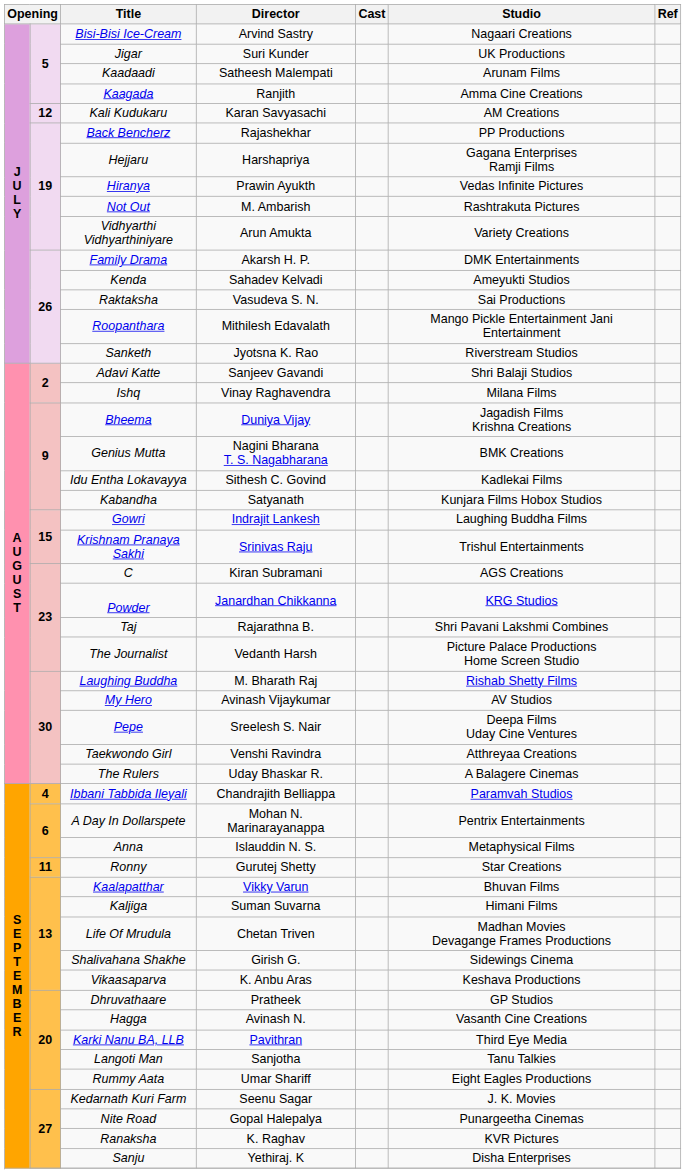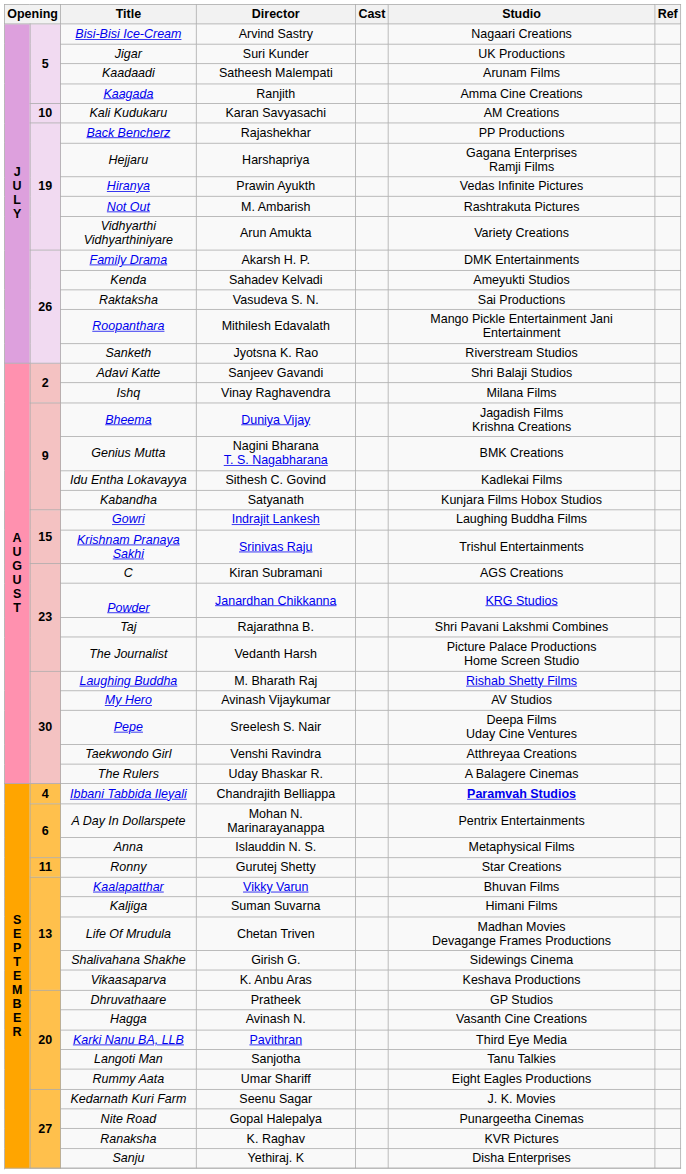 <table class="wikitable sortable">
 <tr>
 <th colspan="2">Opening</th>
 <th style="width:20%;">Title</th>
 <th>Director</th>
 <th>Cast</th>
 <th>Studio</th>
 <th>Ref</th>
 </tr>
 <tr>
 <td rowspan="15" style="text-align:center; background:plum; textcolor:#000;"><strong>J<br>U<br>L<br>Y</strong></td>
 <td rowspan="4" style="text-align:center;background:#f1daf1;"><strong>5</strong></td>
 <td style="text-align:center;"><em><a href='#'>Bisi-Bisi Ice-Cream</a></em></td>
 <td style="text-align:center;">Arvind Sastry</td>
 <td></td>
 <td style="text-align:center;">Nagaari Creations</td>
 <td style="text-align:center;"><br></td>
 </tr>
 <tr>
 <td style="text-align:center;"><em>Jigar</em></td>
 <td style="text-align:center;">Suri Kunder</td>
 <td></td>
 <td style="text-align:center;">UK Productions</td>
 <td style="text-align:center;"><br></td>
 </tr>
 <tr>
 <td style="text-align:center;"><em>Kaadaadi</em></td>
 <td style="text-align:center;">Satheesh Malempati</td>
 <td></td>
 <td style="text-align:center;">Arunam Films</td>
 <td style="text-align:center;"><br></td>
 </tr>
 <tr>
 <td style="text-align:center;"><em><a href='#'>Kaagada</a></em></td>
 <td style="text-align:center;">Ranjith</td>
 <td></td>
 <td style="text-align:center;">Amma Cine Creations</td>
 <td style="text-align:center;"><br></td>
 </tr>
 <tr>
-<td rowspan="1" style="text-align:center;background:#f1daf1;"><strong>12</strong></td>
+<td rowspan="1" style="text-align:center;background:#f1daf1;"><strong>10</strong></td>
 <td style="text-align:center;"><em>Kali Kudukaru</em></td>
 <td style="text-align:center;">Karan Savyasachi</td>
 <td></td>
 <td style="text-align:center;">AM Creations</td>
 <td style="text-align:center;"><br></td>
 </tr>
 <tr>
 <td rowspan="5" style="text-align:center;background:#f1daf1;"><strong>19</strong></td>
 <td style="text-align:center;"><em><a href='#'>Back Bencherz</a></em></td>
 <td style="text-align:center;">Rajashekhar</td>
 <td></td>
 <td style="text-align:center;">PP Productions</td>
 <td style="text-align:center;"></td>
 </tr>
 <tr>
 <td style="text-align:center;"><em>Hejjaru</em></td>
 <td style="text-align:center;">Harshapriya</td>
 <td></td>
 <td style="text-align:center;">Gagana Enterprises <br> Ramji Films</td>
 <td style="text-align:center;"><br></td>
 </tr>
 <tr>
 <td style="text-align:center;"><em><a href='#'>Hiranya</a></em></td>
 <td style="text-align:center;">Prawin Ayukth</td>
 <td></td>
 <td style="text-align:center;">Vedas Infinite Pictures</td>
 <td style="text-align:center;"></td>
 </tr>
 <tr>
 <td style="text-align:center;"><em><a href='#'>Not Out</a></em></td>
 <td style="text-align:center;">M. Ambarish</td>
 <td></td>
 <td style="text-align:center;">Rashtrakuta Pictures</td>
 <td style="text-align:center;"></td>
 </tr>
 <tr>
 <td style="text-align:center;"><em>Vidhyarthi Vidhyarthiniyare</em></td>
 <td style="text-align:center;">Arun Amukta</td>
 <td></td>
 <td style="text-align:center;">Variety Creations</td>
 <td style="text-align:center;"></td>
 </tr>
 <tr>
 <td rowspan="5" style="text-align:center;background:#f1daf1;"><strong>26</strong></td>
 <td style="text-align:center;"><em><a href='#'>Family Drama</a></em></td>
 <td style="text-align:center;">Akarsh H. P.</td>
 <td></td>
 <td style="text-align:center;">DMK Entertainments</td>
 <td style="text-align:center;"></td>
 </tr>
 <tr>
 <td style="text-align:center;"><em>Kenda</em></td>
 <td style="text-align:center;">Sahadev Kelvadi</td>
 <td></td>
 <td style="text-align:center;">Ameyukti Studios</td>
 <td style="text-align:center;"></td>
 </tr>
 <tr>
 <td style="text-align:center;"><em>Raktaksha</em></td>
 <td style="text-align:center;">Vasudeva S. N.</td>
 <td></td>
 <td style="text-align:center;">Sai Productions</td>
 <td style="text-align:center;"></td>
 </tr>
 <tr>
 <td style="text-align:center;"><em><a href='#'>Roopanthara</a></em></td>
 <td style="text-align:center;">Mithilesh Edavalath</td>
 <td></td>
 <td style="text-align:center;">Mango Pickle Entertainment Jani Entertainment</td>
 <td style="text-align:center;"></td>
 </tr>
 <tr>
 <td style="text-align:center;"><em>Sanketh</em></td>
 <td style="text-align:center;">Jyotsna K. Rao</td>
 <td></td>
 <td style="text-align:center;">Riverstream Studios</td>
 <td style="text-align:center;"></td>
 </tr>
 <tr>
 <td rowspan="17" style="text-align:center; background:#ff91af; textcolor:#000;"><strong>A<br>U<br>G<br>U<br>S<br>T</strong></td>
 <td rowspan="2" style="text-align:center;background:#f4c2c2;"><strong>2</strong></td>
 <td style="text-align:center;"><em>Adavi Katte</em></td>
 <td style="text-align:center;">Sanjeev Gavandi</td>
 <td></td>
 <td style="text-align:center;">Shri Balaji Studios</td>
 <td></td>
 </tr>
 <tr>
 <td style="text-align:center;"><em>Ishq</em></td>
 <td style="text-align:center;">Vinay Raghavendra</td>
 <td></td>
 <td style="text-align:center;">Milana Films</td>
 <td></td>
 </tr>
 <tr>
 <td rowspan="4" style="text-align:center;background:#f4c2c2;"><strong>9</strong></td>
 <td style="text-align:center;"><em><a href='#'>Bheema</a></em></td>
 <td style="text-align:center;"><a href='#'>Duniya Vijay</a></td>
 <td></td>
 <td style="text-align:center;">Jagadish Films<br>Krishna Creations</td>
 <td style="text-align:center;"></td>
 </tr>
 <tr>
 <td style="text-align:center;"><em>Genius Mutta</em></td>
 <td style="text-align:center;">Nagini Bharana<br><a href='#'>T. S. Nagabharana</a></td>
 <td></td>
 <td style="text-align:center;">BMK Creations</td>
 <td style="text-align:center;"></td>
 </tr>
 <tr>
 <td style="text-align:center;"><em>Idu Entha Lokavayya</em></td>
 <td style="text-align:center;">Sithesh C. Govind</td>
 <td></td>
 <td style="text-align:center;">Kadlekai Films</td>
 <td style="text-align:center;"></td>
 </tr>
 <tr>
 <td style="text-align:center;"><em>Kabandha</em></td>
 <td style="text-align:center;">Satyanath</td>
 <td></td>
 <td style="text-align:center;">Kunjara Films Hobox Studios</td>
 <td style="text-align:center;"></td>
 </tr>
 <tr>
 <td rowspan="2" style="text-align:center;background:#f4c2c2;"><strong>15</strong></td>
 <td style="text-align:center;"><em><a href='#'>Gowri</a></em></td>
 <td style="text-align:center;"><a href='#'>Indrajit Lankesh</a></td>
 <td></td>
 <td style="text-align:center;">Laughing Buddha Films</td>
 <td style="text-align:center;"></td>
 </tr>
 <tr>
 <td style="text-align:center;"><em><a href='#'>Krishnam Pranaya Sakhi</a></em></td>
 <td style="text-align:center;"><a href='#'>Srinivas Raju</a></td>
 <td></td>
 <td style="text-align:center;">Trishul Entertainments</td>
 <td style="text-align:center;"></td>
 </tr>
 <tr>
 <td rowspan="4" style="text-align:center;background:#f4c2c2;"><strong>23</strong></td>
 <td style="text-align:center;"><em>C</em></td>
 <td style="text-align:center;">Kiran Subramani</td>
 <td></td>
 <td style="text-align:center;">AGS Creations</td>
 <td style="text-align:center;"></td>
 </tr>
 <tr>
 <td style="text-align:center;"><br><em><a href='#'>Powder</a></em></td>
 <td style="text-align:center;"><a href='#'>Janardhan Chikkanna</a></td>
 <td></td>
 <td style="text-align:center;"><a href='#'>KRG Studios</a></td>
 <td style="text-align:center;"></td>
 </tr>
 <tr>
 <td style="text-align:center;"><em>Taj</em></td>
 <td style="text-align:center;">Rajarathna B.</td>
 <td></td>
 <td style="text-align:center;">Shri Pavani Lakshmi Combines</td>
 <td style="text-align:center;"></td>
 </tr>
 <tr>
 <td style="text-align:center;"><em>The Journalist</em></td>
 <td style="text-align:center;">Vedanth Harsh</td>
 <td></td>
 <td style="text-align:center;">Picture Palace Productions<br>Home Screen Studio</td>
 <td style="text-align:center;"></td>
 </tr>
 <tr>
 <td rowspan="5" style="text-align:center;background:#f4c2c2;"><strong>30</strong></td>
 <td style="text-align:center;"><em><a href='#'>Laughing Buddha</a></em></td>
 <td style="text-align:center;">M. Bharath Raj</td>
 <td></td>
 <td style="text-align:center;"><a href='#'>Rishab Shetty Films</a></td>
 <td style="text-align:center;"></td>
 </tr>
 <tr>
 <td style="text-align:center;"><em><a href='#'>My Hero</a></em></td>
 <td style="text-align:center;">Avinash Vijaykumar</td>
 <td></td>
 <td style="text-align:center;">AV Studios</td>
 <td style="text-align:center;"></td>
 </tr>
 <tr>
 <td style="text-align:center;"><em><a href='#'>Pepe</a></em></td>
 <td style="text-align:center;">Sreelesh S. Nair</td>
 <td></td>
 <td style="text-align:center;">Deepa Films<br>Uday Cine Ventures</td>
 <td style="text-align:center;"></td>
 </tr>
 <tr>
 <td style="text-align:center;"><em>Taekwondo Girl</em></td>
 <td style="text-align:center;">Venshi Ravindra</td>
 <td></td>
 <td style="text-align:center;">Atthreyaa Creations</td>
 <td style="text-align:center;"></td>
 </tr>
 <tr>
 <td style="text-align:center;"><em>The Rulers</em></td>
 <td style="text-align:center;">Uday Bhaskar R.</td>
 <td></td>
 <td style="text-align:center;">A Balagere Cinemas</td>
 <td style="text-align:center;"></td>
 </tr>
 <tr>
 <td rowspan="25" style="text-align:center; background:orange; textcolor:#000; "><strong>S<br>E<br>P<br>T<br>E<br>M<br>B<br>E<br>R</strong></td>
 <td rowspan="1" style="text-align:center; textcolor:#000; background:#ffc04c;"><strong>4</strong></td>
 <td style="text-align:center;"><em><a href='#'>Ibbani Tabbida Ileyali</a></em></td>
 <td style="text-align:center;">Chandrajith Belliappa</td>
 <td></td>
-<td style="text-align:center;"><a href='#'>Paramvah Studios</a></td>
+<td style="text-align:center;"><strong><a href='#'>Paramvah Studios</a></strong></td>
 <td style="text-align:center;"></td>
 </tr>
 <tr>
 <td rowspan="2" style="text-align:center; textcolor:#000; background:#ffc04c;"><strong>6</strong></td>
 <td style="text-align:center;"><em>A Day In Dollarspete</em></td>
 <td style="text-align:center;">Mohan N. Marinarayanappa</td>
 <td></td>
 <td style="text-align:center;">Pentrix Entertainments</td>
 <td style="text-align:center;"></td>
 </tr>
 <tr>
 <td style="text-align:center;"><em>Anna</em></td>
 <td style="text-align:center;">Islauddin N. S.</td>
 <td></td>
 <td style="text-align:center;">Metaphysical Films</td>
 <td style="text-align:center;"></td>
 </tr>
 <tr>
 <td rowspan="1" style="text-align:center; textcolor:#000; background:#ffc04c;"><strong>11</strong></td>
 <td style="text-align:center;"><em>Ronny</em></td>
 <td style="text-align:center;">Gurutej Shetty</td>
 <td></td>
 <td style="text-align:center;">Star Creations</td>
 <td style="text-align:center;"></td>
 </tr>
 <tr>
 <td rowspan="5" style="text-align:center; textcolor:#000; background:#ffc04c;"><strong>13</strong></td>
 <td style="text-align:center;"><em><a href='#'>Kaalapatthar</a></em></td>
 <td style="text-align:center;"><a href='#'>Vikky Varun</a></td>
 <td></td>
 <td style="text-align:center;">Bhuvan Films</td>
 <td style="text-align:center;"></td>
 </tr>
 <tr>
 <td style="text-align:center;"><em>Kaljiga</em></td>
 <td style="text-align:center;">Suman Suvarna</td>
 <td></td>
 <td style="text-align:center;">Himani Films</td>
 <td style="text-align:center;"></td>
 </tr>
 <tr>
 <td style="text-align:center;"><em>Life Of Mrudula</em></td>
 <td style="text-align:center;">Chetan Triven</td>
 <td></td>
 <td style="text-align:center;">Madhan Movies<br>Devagange Frames Productions</td>
 <td style="text-align:center;"></td>
 </tr>
 <tr>
 <td style="text-align:center;"><em>Shalivahana Shakhe</em></td>
 <td style="text-align:center;">Girish G.</td>
 <td></td>
 <td style="text-align:center;">Sidewings Cinema</td>
 <td style="text-align:center;"></td>
 </tr>
 <tr>
 <td style="text-align:center;"><em>Vikaasaparva</em></td>
 <td style="text-align:center;">K. Anbu Aras</td>
 <td></td>
 <td style="text-align:center;">Keshava Productions</td>
 <td style="text-align:center;"></td>
 </tr>
 <tr>
 <td rowspan="5" style="text-align:center; textcolor:#000; background:#ffc04c;"><strong>20</strong></td>
 <td style="text-align:center;"><em>Dhruvathaare</em></td>
 <td style="text-align:center;">Pratheek</td>
 <td></td>
 <td style="text-align:center;">GP Studios</td>
 <td style="text-align:center;"></td>
 </tr>
 <tr>
 <td style="text-align:center;"><em>Hagga</em></td>
 <td style="text-align:center;">Avinash N.</td>
 <td></td>
 <td style="text-align:center;">Vasanth Cine Creations</td>
 <td style="text-align:center;"></td>
 </tr>
 <tr>
 <td style="text-align:center;"><em><a href='#'>Karki Nanu BA, LLB</a></em></td>
 <td style="text-align:center;"><a href='#'>Pavithran</a></td>
 <td></td>
 <td style="text-align:center;">Third Eye Media</td>
 <td style="text-align:center;"></td>
 </tr>
 <tr>
 <td style="text-align:center;"><em>Langoti Man</em></td>
 <td style="text-align:center;">Sanjotha</td>
 <td></td>
 <td style="text-align:center;">Tanu Talkies</td>
 <td style="text-align:center;"></td>
 </tr>
 <tr>
 <td style="text-align:center;"><em>Rummy Aata</em></td>
 <td style="text-align:center;">Umar Shariff</td>
 <td></td>
 <td style="text-align:center;">Eight Eagles Productions</td>
 <td style="text-align:center;"></td>
 </tr>
 <tr>
 <td rowspan="4" style="text-align:center; textcolor:#000; background:#ffc04c;"><strong>27</strong></td>
 <td style="text-align:center;"><em>Kedarnath Kuri Farm</em></td>
 <td style="text-align:center;">Seenu Sagar</td>
 <td></td>
 <td style="text-align:center;">J. K. Movies</td>
 <td style="text-align:center;"></td>
 </tr>
 <tr>
 <td style="text-align:center;"><em>Nite Road</em></td>
 <td style="text-align:center;">Gopal Halepalya</td>
 <td></td>
 <td style="text-align:center;">Punargeetha Cinemas</td>
 <td style="text-align:center;"></td>
 </tr>
 <tr>
 <td style="text-align:center;"><em>Ranaksha</em></td>
 <td style="text-align:center;">K. Raghav</td>
 <td></td>
 <td style="text-align:center;">KVR Pictures</td>
 <td style="text-align:center;"></td>
 </tr>
 <tr>
 <td style="text-align:center;"><em>Sanju</em></td>
 <td style="text-align:center;">Yethiraj. K</td>
 <td></td>
 <td style="text-align:center;">Disha Enterprises</td>
 <td style="text-align:center;"></td>
 </tr>
 <tr>
 </tr>
 </table>
